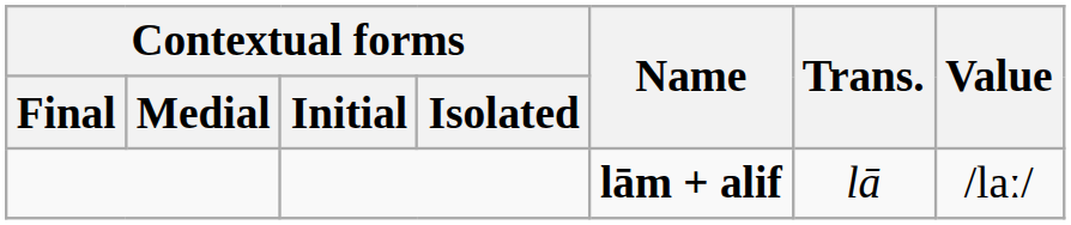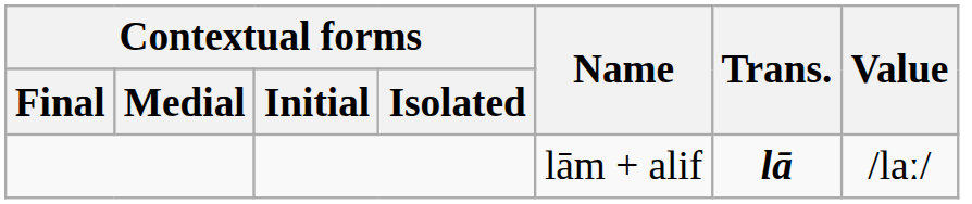 <table class="wikitable" style="text-align: center;">
 <tr>
 <th colspan="4">Contextual forms</th>
 <th rowspan="2">Name</th>
 <th rowspan="2">Trans.</th>
 <th rowspan="2">Value</th>
 </tr>
 <tr>
 <th>Final</th>
 <th>Medial</th>
 <th>Initial</th>
 <th>Isolated</th>
 </tr>
 <tr>
 <td colspan="2" style="line-height:180%;padding:10px;"><span></span></td>
 <td colspan="2" style="line-height:180%;padding:10px;"><span></span></td>
-<td><strong>lām + alif</strong></td>
-<td><em>lā</em></td>
+<td>lām + alif</td>
+<td><strong><em>lā</em></strong></td>
 <td>/laː/</td>
 </tr>
 </table>
